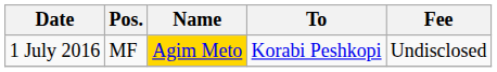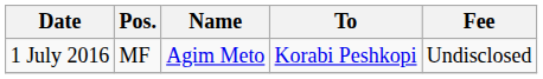 <table class="wikitable">
 <tr>
 <th>Date</th>
 <th>Pos.</th>
 <th>Name</th>
 <th>To</th>
 <th>Fee</th>
 </tr>
 <tr>
 <td>1 July 2016</td>
 <td>MF</td>
-<td style="background: gold;"> <a href='#'>Agim Meto</a></td>
+<td> <a href='#'>Agim Meto</a></td>
 <td> <a href='#'>Korabi Peshkopi</a></td>
 <td>Undisclosed </td>
 </tr>
 <tr>
 </tr>
 </table>
